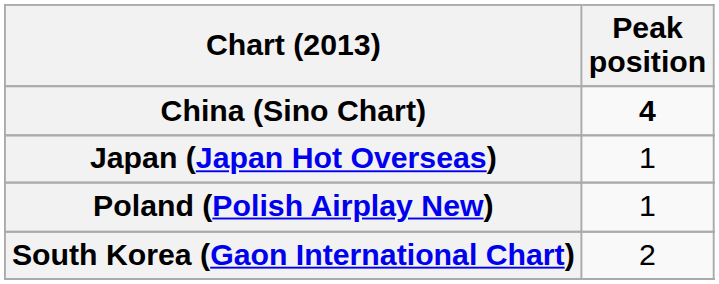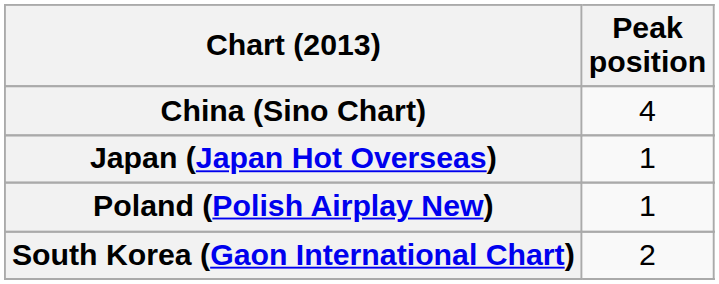 <table class="wikitable sortable plainrowheaders" style="text-align:center;">
 <tr>
 <th scope="col">Chart (2013)</th>
 <th scope="col">Peak<br>position</th>
 </tr>
 <tr>
 </tr>
 <tr>
 </tr>
 <tr>
 </tr>
 <tr>
 </tr>
 <tr>
 </tr>
 <tr>
 </tr>
 <tr>
 </tr>
 <tr>
 </tr>
 <tr>
 </tr>
 <tr>
 </tr>
 <tr>
 <th scope="row">China (Sino Chart)</th>
-<td style="text-align:center;"><strong>4</strong></td>
+<td style="text-align:center;">4</td>
 </tr>
 <tr>
 </tr>
 <tr>
 </tr>
 <tr>
 </tr>
 <tr>
 </tr>
 <tr>
 </tr>
 <tr>
 <th scope="row">Japan (<a href='#'>Japan Hot Overseas</a>)</th>
 <td style="text-align:center;">1</td>
 </tr>
 <tr>
 </tr>
 <tr>
 </tr>
 <tr>
 </tr>
 <tr>
 <th scope="row">Poland (<a href='#'>Polish Airplay New</a>)</th>
 <td align="center">1</td>
 </tr>
 <tr>
 </tr>
 <tr>
 <th scope="row">South Korea (<a href='#'>Gaon International Chart</a>)</th>
 <td style="text-align:center;">2</td>
 </tr>
 <tr>
 </tr>
 <tr>
 </tr>
 <tr>
 </tr>
 <tr>
 </tr>
 <tr>
 </tr>
 <tr>
 </tr>
 <tr>
 </tr>
 <tr>
 </tr>
 <tr>
 </tr>
 </table>
